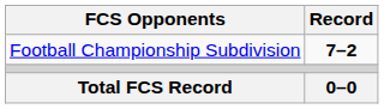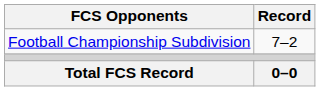 <table class="wikitable">
 <tr>
 <th>FCS Opponents</th>
 <th>Record</th>
 </tr>
 <tr>
 <td><a href='#'>Football Championship Subdivision</a></td>
-<td align=center><strong>7–2</strong></td>
+<td align=center>7–2</td>
 </tr>
 <tr>
 <th colspan="2" style="background:lightgrey;"></th>
 </tr>
 <tr>
 <th>Total FCS Record</th>
 <th>0–0</th>
 </tr>
 </table>
